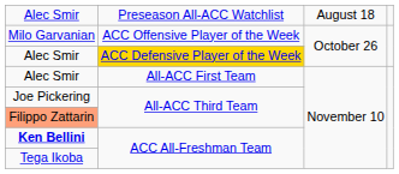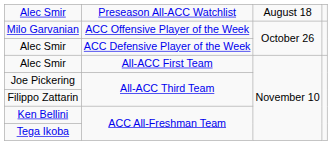 <table class="wikitable sortable" style="text-align: center">
 <tr>
 <td><a href='#'>Alec Smir</a></td>
 <td><a href='#'>Preseason All-ACC Watchlist</a></td>
 <td>August 18</td>
 <td></td>
 </tr>
 <tr>
 <td><a href='#'>Milo Garvanian</a></td>
 <td><a href='#'>ACC Offensive Player of the Week</a></td>
 <td rowspan=2>October 26</td>
 <td rowspan=2></td>
 </tr>
 <tr>
 <td>Alec Smir</td>
-<td style="background: gold;"><a href='#'>ACC Defensive Player of the Week</a></td>
+<td><a href='#'>ACC Defensive Player of the Week</a></td>
 </tr>
 <tr>
 <td>Alec Smir</td>
 <td><a href='#'>All-ACC First Team</a></td>
 <td rowspan=5>November 10</td>
 <td rowspan=5></td>
 </tr>
 <tr>
 <td>Joe Pickering</td>
 <td rowspan=2><a href='#'>All-ACC Third Team</a></td>
 </tr>
 <tr>
-<td style="background: lightsalmon;">Filippo Zattarin</td>
+<td>Filippo Zattarin</td>
 </tr>
 <tr>
-<td><strong><a href='#'>Ken Bellini</a></strong></td>
+<td><a href='#'>Ken Bellini</a></td>
 <td rowspan=2><a href='#'>ACC All-Freshman Team</a></td>
 </tr>
 <tr>
 <td><a href='#'>Tega Ikoba</a></td>
 </tr>
 </table>
